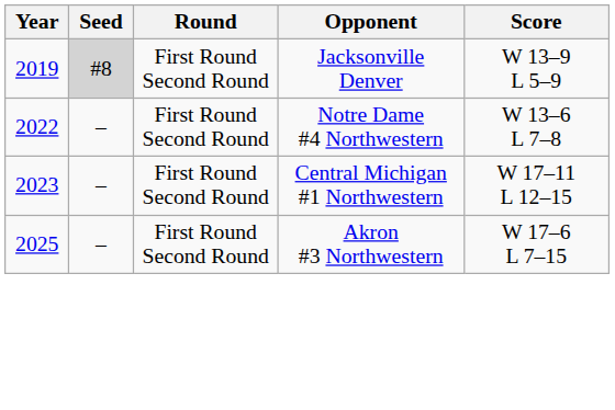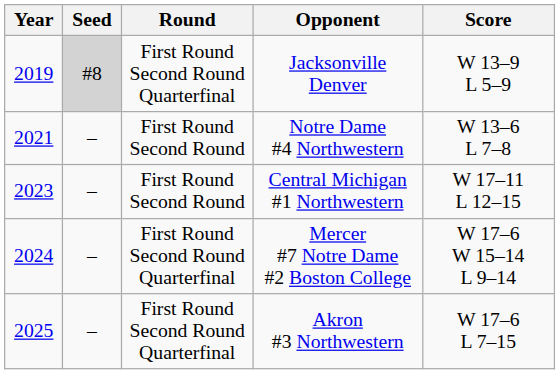 <table class="wikitable">
 <tr>
 <th style="width:40px; ">Year</th>
 <th style="width:40px; ">Seed</th>
 <th style="width:100px; ">Round</th>
 <th style="width:130px; ">Opponent</th>
 <th style="width:100px; ">Score</th>
 </tr>
 <tr align="center">
 <td><a href='#'>2019</a></td>
 <td style="background: lightgrey;">#8</td>
-<td>First Round<br>Second Round</td>
+<td>First Round<br>Second Round<br>Quarterfinal</td>
 <td><a href='#'>Jacksonville</a><br><a href='#'>Denver</a></td>
 <td>W 13–9 <br>L 5–9</td>
 </tr>
 <tr align="center">
-<td><a href='#'>2022</a></td>
+<td><a href='#'>2021</a></td>
 <td>–</td>
 <td>First Round<br>Second Round</td>
 <td><a href='#'>Notre Dame</a><br>#4 <a href='#'>Northwestern</a></td>
 <td>W 13–6<br>L 7–8</td>
 </tr>
 <tr align="center">
 <td><a href='#'>2023</a></td>
 <td>–</td>
 <td>First Round<br>Second Round</td>
 <td><a href='#'>Central Michigan</a><br>#1 <a href='#'>Northwestern</a></td>
 <td>W 17–11<br>L 12–15</td>
 </tr>
 <tr align="center">
+<td><a href='#'>2024</a></td>
+<td>–</td>
+<td>First Round<br>Second Round<br>Quarterfinal</td>
+<td><a href='#'>Mercer</a><br>#7 <a href='#'>Notre Dame</a><br>#2 <a href='#'>Boston College</a></td>
+<td>W 17–6<br>W 15–14<br>L 9–14</td>
+</tr>
+<tr align="center">
 <td><a href='#'>2025</a></td>
 <td>–</td>
-<td>First Round<br>Second Round</td>
+<td>First Round<br>Second Round<br>Quarterfinal</td>
 <td><a href='#'>Akron</a><br> #3 <a href='#'>Northwestern</a></td>
 <td>W 17–6<br>L 7–15</td>
 </tr>
 </table>
